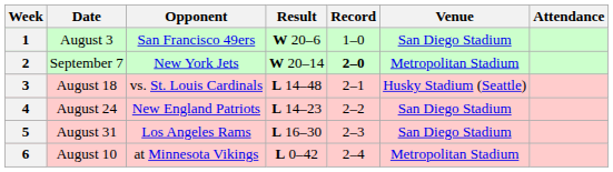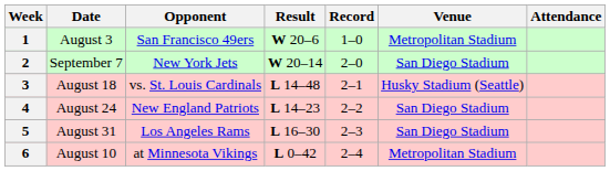 <table class="wikitable" style="text-align:center">
 <tr>
 <th>Week</th>
 <th>Date</th>
 <th>Opponent</th>
 <th>Result</th>
 <th>Record</th>
 <th>Venue</th>
 <th>Attendance</th>
 </tr>
 <tr style="background:#cfc">
 <th>1</th>
 <td>August 3</td>
 <td><a href='#'>San Francisco 49ers</a></td>
 <td><strong>W</strong> 20–6</td>
 <td>1–0</td>
-<td><a href='#'>San Diego Stadium</a></td>
+<td><a href='#'>Metropolitan Stadium</a></td>
 <td></td>
 </tr>
 <tr style="background:#cfc">
 <th>2</th>
 <td>September 7</td>
 <td><a href='#'>New York Jets</a></td>
 <td><strong>W</strong> 20–14</td>
-<td><strong>2–0</strong></td>
-<td><a href='#'>Metropolitan Stadium</a></td>
+<td>2–0</td>
+<td><a href='#'>San Diego Stadium</a></td>
 <td></td>
 </tr>
 <tr style="background:#fcc">
 <th>3</th>
 <td>August 18</td>
 <td>vs. <a href='#'>St. Louis Cardinals</a></td>
 <td><strong>L</strong> 14–48</td>
 <td>2–1</td>
 <td><a href='#'>Husky Stadium</a> (<a href='#'>Seattle</a>)</td>
 <td></td>
 </tr>
 <tr style="background:#fcc">
 <th>4</th>
 <td>August 24</td>
 <td><a href='#'>New England Patriots</a></td>
 <td><strong>L</strong> 14–23</td>
 <td>2–2</td>
 <td><a href='#'>San Diego Stadium</a></td>
 <td></td>
 </tr>
 <tr style="background:#fcc">
 <th>5</th>
 <td>August 31</td>
 <td><a href='#'>Los Angeles Rams</a></td>
 <td><strong>L</strong> 16–30</td>
 <td>2–3</td>
 <td><a href='#'>San Diego Stadium</a></td>
 <td></td>
 </tr>
 <tr style="background:#fcc">
 <th>6</th>
 <td>August 10</td>
 <td>at <a href='#'>Minnesota Vikings</a></td>
 <td><strong>L</strong> 0–42</td>
 <td>2–4</td>
 <td><a href='#'>Metropolitan Stadium</a></td>
 <td></td>
 </tr>
 </table>
